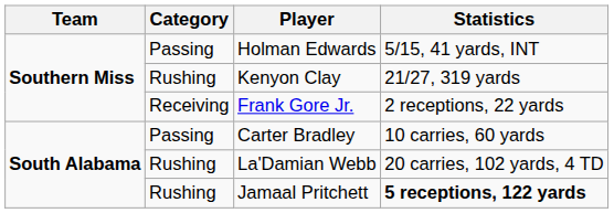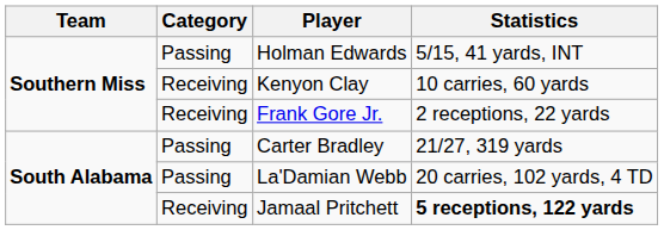 <table class="wikitable" style="float: right;">
 <tr>
 <th>Team</th>
 <th>Category</th>
 <th>Player</th>
 <th>Statistics</th>
 </tr>
 <tr>
 <td rowspan=3><strong>Southern Miss</strong></td>
 <td>Passing</td>
 <td>Holman Edwards</td>
 <td>5/15, 41 yards, INT</td>
 </tr>
 <tr>
-<td>Rushing</td>
+<td>Receiving</td>
 <td>Kenyon Clay</td>
-<td>21/27, 319 yards</td>
+<td>10 carries, 60 yards</td>
 </tr>
 <tr>
 <td>Receiving</td>
 <td><a href='#'>Frank Gore Jr.</a></td>
 <td>2 receptions, 22 yards</td>
 </tr>
 <tr>
 <td rowspan=3><strong>South Alabama</strong></td>
 <td>Passing</td>
 <td>Carter Bradley</td>
-<td>10 carries, 60 yards</td>
+<td>21/27, 319 yards</td>
 </tr>
 <tr>
-<td>Rushing</td>
+<td>Passing</td>
 <td>La'Damian Webb</td>
 <td>20 carries, 102 yards, 4 TD</td>
 </tr>
 <tr>
-<td>Rushing</td>
+<td>Receiving</td>
 <td>Jamaal Pritchett</td>
 <td><strong>5 receptions, 122 yards</strong></td>
 </tr>
 </table>
